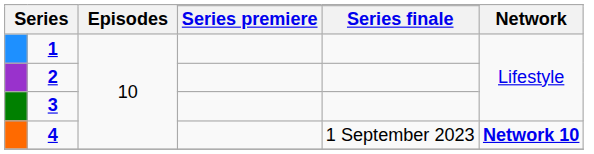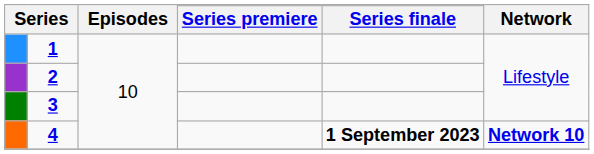 <table class="wikitable plainrowheaders"  style="text-align:center;">
 <tr>
 <th scope="col" style="padding:0 8px;" colspan="2" rowspan="2">Series</th>
 <th scope="col" style="padding:0 8px;" rowspan="2">Episodes</th>
 <th scope="col" style="padding:0 80px;" colspan="2"></th>
 <th scope="col" style="padding:0 8px;" rowspan="2">Network</th>
 </tr>
 <tr>
 <th scope="col"><a href='#'>Series premiere</a></th>
 <th scope="col"><a href='#'>Series finale</a></th>
 </tr>
 <tr>
 <td scope="row" style="background:#1E90FF;"></td>
 <td><strong><a href='#'>1</a></strong></td>
 <td rowspan="4">10</td>
 <td></td>
 <td></td>
 <td rowspan=3><a href='#'>Lifestyle</a></td>
 </tr>
 <tr>
 <td scope="row" style="background:#9932cc;"></td>
 <td><strong><a href='#'>2</a></strong></td>
 <td></td>
 <td></td>
 </tr>
 <tr>
 <td scope="row" style="background:#008000;"></td>
 <td><strong><a href='#'>3</a></strong></td>
 <td></td>
 <td></td>
 </tr>
 <tr>
 <td scope="row" style="background:#FF6A00;"></td>
 <td><strong><a href='#'>4</a></strong></td>
 <td></td>
-<td>1 September 2023</td>
+<td><strong>1 September 2023</strong></td>
 <td><strong><a href='#'>Network 10</a></strong></td>
 </tr>
 <tr>
 </tr>
 </table>
